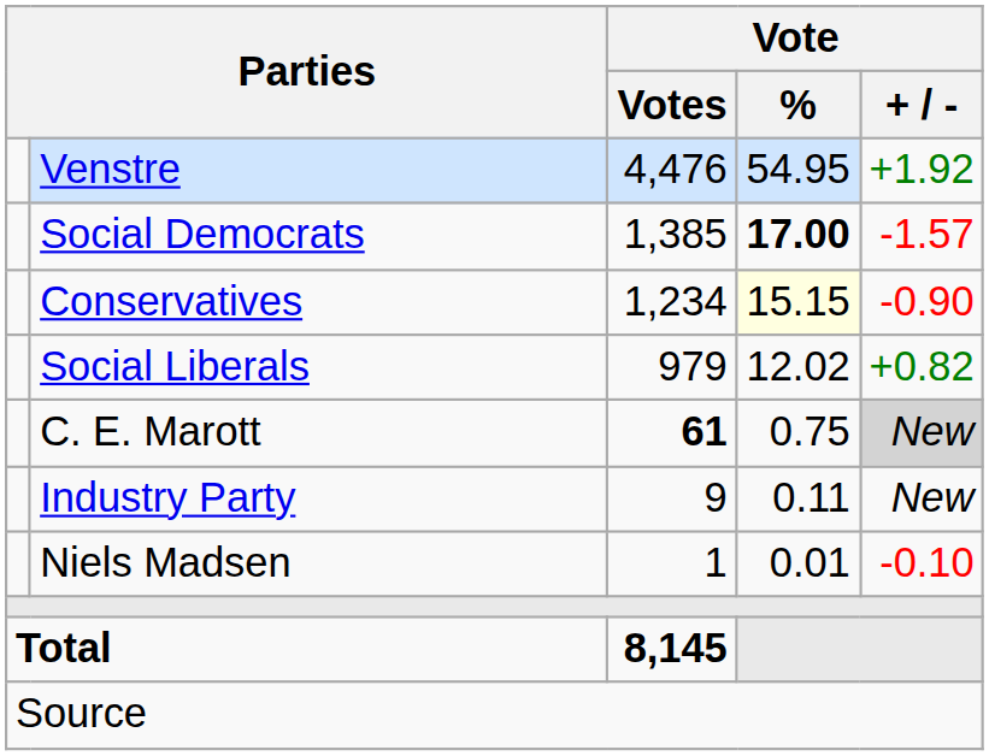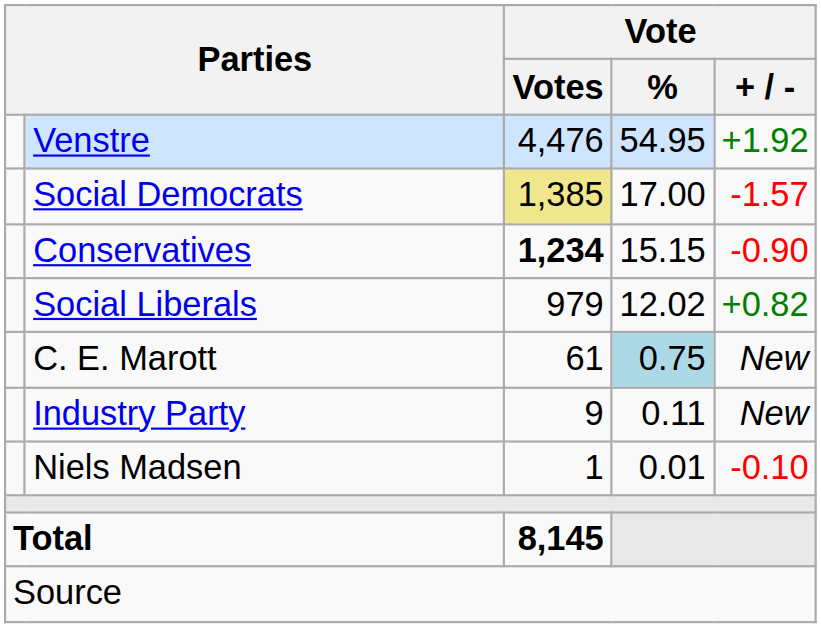 <table class="wikitable" style="text-align:right;">
 <tr>
 <th style="text-align:centre;" rowspan="2" colspan="2" width="225">Parties</th>
 <th colspan="3">Vote</th>
 </tr>
 <tr>
 <th width="15">Votes</th>
 <th width="15">%</th>
 <th width="15">+ / -</th>
 </tr>
 <tr>
 <td width="2" style="color:inherit;background:"></td>
 <td bgcolor=#cfe5fe  align="left"><a href='#'>Venstre</a></td>
 <td bgcolor=#cfe5fe>4,476</td>
 <td bgcolor=#cfe5fe>54.95</td>
 <td style=color:green;>+1.92</td>
 </tr>
 <tr>
 <td width="2" style="color:inherit;background:"></td>
 <td align="left"><a href='#'>Social Democrats</a></td>
-<td>1,385</td>
-<td><strong>17.00</strong></td>
+<td style="background: khaki;">1,385</td>
+<td>17.00</td>
 <td style=color:red;>-1.57</td>
 </tr>
 <tr>
 <td width="2" style="color:inherit;background:"></td>
 <td align="left"><a href='#'>Conservatives</a></td>
-<td>1,234</td>
-<td style="background: lightyellow;">15.15</td>
+<td><strong>1,234</strong></td>
+<td>15.15</td>
 <td style=color:red;>-0.90</td>
 </tr>
 <tr>
 <td width="2" style="color:inherit;background:"></td>
 <td align="left"><a href='#'>Social Liberals</a></td>
 <td>979</td>
 <td>12.02</td>
 <td style=color:green;>+0.82</td>
 </tr>
 <tr>
 <td width="2" style="color:inherit;background:"></td>
 <td align="left">C. E. Marott</td>
-<td><strong>61</strong></td>
-<td>0.75</td>
-<td style="background: lightgrey;"><em>New</em></td>
+<td>61</td>
+<td style="background: lightblue;">0.75</td>
+<td><em>New</em></td>
 </tr>
 <tr>
 <td width="2" style="color:inherit;background:"></td>
 <td align="left"><a href='#'>Industry Party</a></td>
 <td>9</td>
 <td>0.11</td>
 <td><em>New</em></td>
 </tr>
 <tr>
 <td width="2" style="color:inherit;background:"></td>
 <td align="left">Niels Madsen</td>
 <td>1</td>
 <td>0.01</td>
 <td style=color:red;>-0.10</td>
 </tr>
 <tr>
 <td colspan="7" bgcolor="#E9E9E9"></td>
 </tr>
 <tr>
 <td align="left" colspan="2"><strong>Total</strong></td>
 <td><strong>8,145</strong></td>
 <td bgcolor="#E9E9E9" colspan="2"></td>
 </tr>
 <tr>
 <td align="left" colspan="6">Source</td>
 </tr>
 </table>
